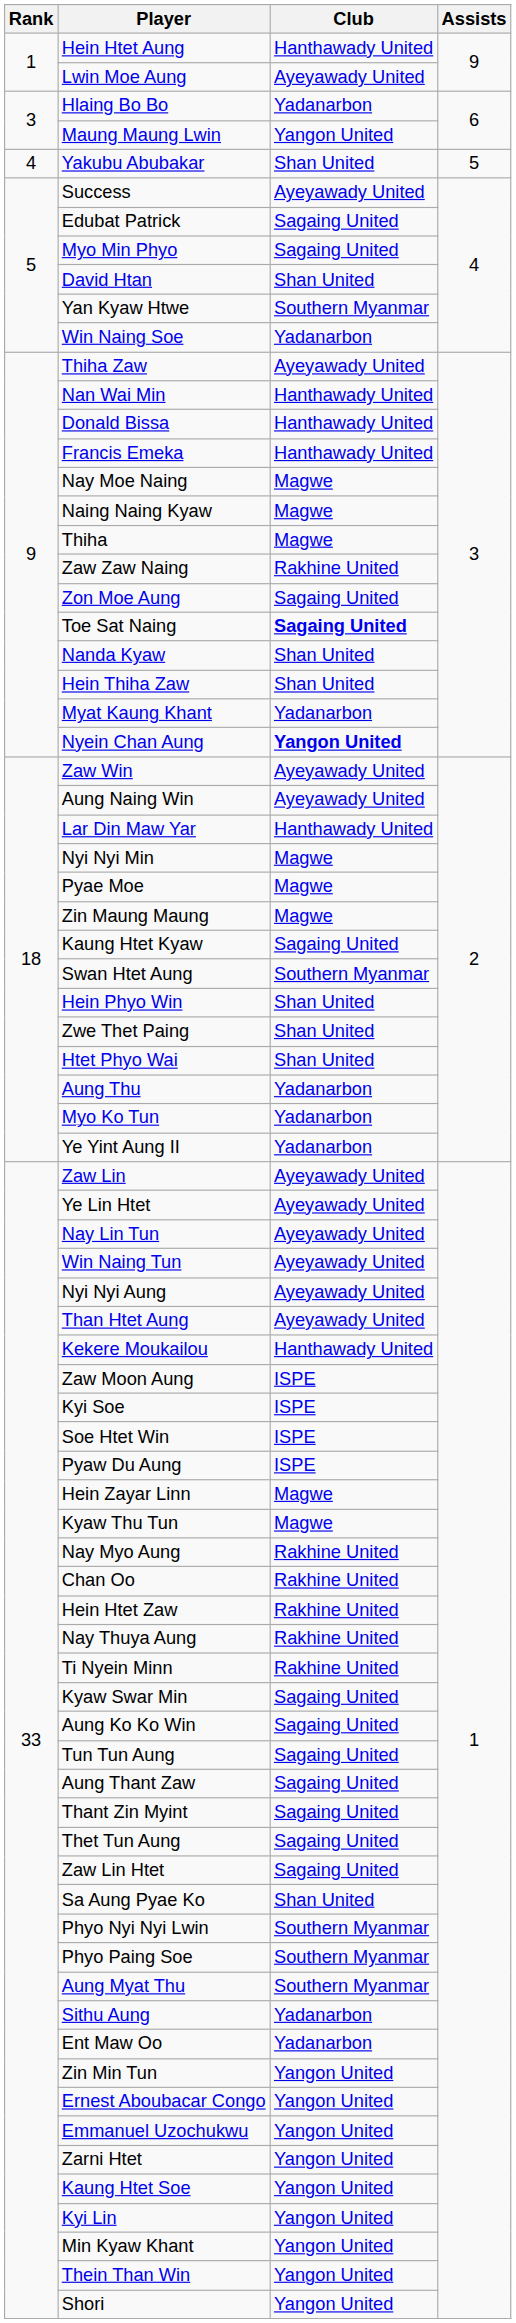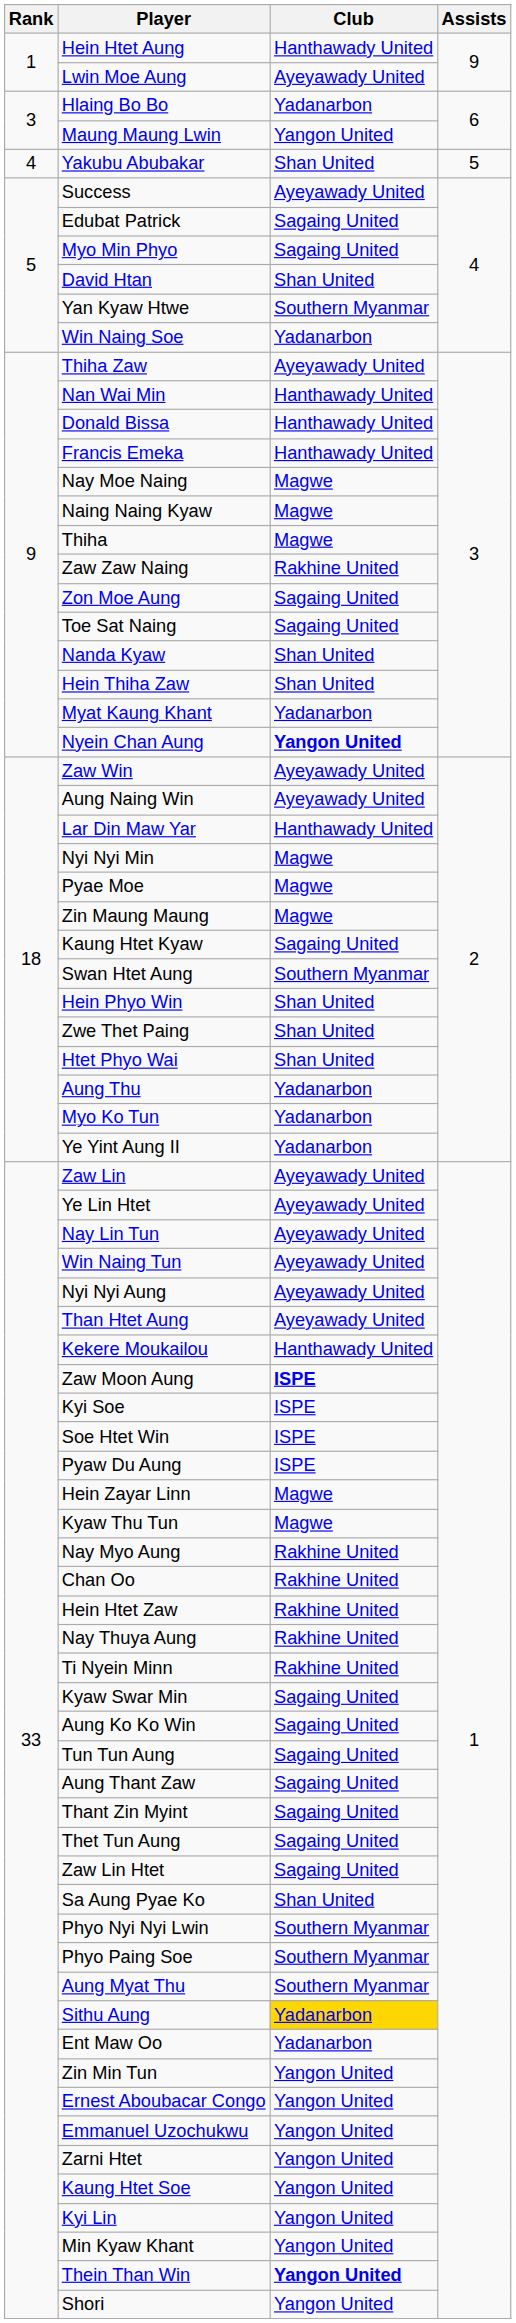 <table class="wikitable" style="text-align:center">
 <tr>
 <th>Rank</th>
 <th>Player</th>
 <th>Club</th>
 <th>Assists</th>
 </tr>
 <tr>
 <td rowspan="2">1</td>
 <td align="left"> <a href='#'>Hein Htet Aung</a></td>
 <td align="left"><a href='#'>Hanthawady United</a></td>
 <td rowspan="2">9</td>
 </tr>
 <tr>
 <td align="left"> <a href='#'>Lwin Moe Aung</a></td>
 <td align="left"><a href='#'>Ayeyawady United</a></td>
 </tr>
 <tr>
 <td rowspan="2">3</td>
 <td align="left"> <a href='#'>Hlaing Bo Bo</a></td>
 <td align="left"><a href='#'>Yadanarbon</a></td>
 <td rowspan="2">6</td>
 </tr>
 <tr>
 <td align="left"> <a href='#'>Maung Maung Lwin</a></td>
 <td align="left"><a href='#'>Yangon United</a></td>
 </tr>
 <tr>
 <td>4</td>
 <td align="left"> <a href='#'>Yakubu Abubakar</a></td>
 <td align="left"><a href='#'>Shan United</a></td>
 <td>5</td>
 </tr>
 <tr>
 <td rowspan="6">5</td>
 <td align="left"> Success</td>
 <td align="left"><a href='#'>Ayeyawady United</a></td>
 <td rowspan="6">4</td>
 </tr>
 <tr>
 <td align="left"> Edubat Patrick</td>
 <td align="left"><a href='#'>Sagaing United</a></td>
 </tr>
 <tr>
 <td align="left"> <a href='#'>Myo Min Phyo</a></td>
 <td align="left"><a href='#'>Sagaing United</a></td>
 </tr>
 <tr>
 <td align="left"> <a href='#'>David Htan</a></td>
 <td align="left"><a href='#'>Shan United</a></td>
 </tr>
 <tr>
 <td align="left"> Yan Kyaw Htwe</td>
 <td align="left"><a href='#'>Southern Myanmar</a></td>
 </tr>
 <tr>
 <td align="left"> <a href='#'>Win Naing Soe</a></td>
 <td align="left"><a href='#'>Yadanarbon</a></td>
 </tr>
 <tr>
 <td rowspan="14">9</td>
 <td align="left"> <a href='#'>Thiha Zaw</a></td>
 <td align="left"><a href='#'>Ayeyawady United</a></td>
 <td rowspan="14">3</td>
 </tr>
 <tr>
 <td align="left"> <a href='#'>Nan Wai Min</a></td>
 <td align="left"><a href='#'>Hanthawady United</a></td>
 </tr>
 <tr>
 <td align="left"> <a href='#'>Donald Bissa</a></td>
 <td align="left"><a href='#'>Hanthawady United</a></td>
 </tr>
 <tr>
 <td align="left"> <a href='#'>Francis Emeka</a></td>
 <td align="left"><a href='#'>Hanthawady United</a></td>
 </tr>
 <tr>
 <td align="left"> Nay Moe Naing</td>
 <td align="left"><a href='#'>Magwe</a></td>
 </tr>
 <tr>
 <td align="left">Naing Naing Kyaw</td>
 <td align="left"><a href='#'>Magwe</a></td>
 </tr>
 <tr>
 <td align="left"> Thiha</td>
 <td align="left"><a href='#'>Magwe</a></td>
 </tr>
 <tr>
 <td align="left"> Zaw Zaw Naing</td>
 <td align="left"><a href='#'>Rakhine United</a></td>
 </tr>
 <tr>
 <td align="left"> <a href='#'>Zon Moe Aung</a></td>
 <td align="left"><a href='#'>Sagaing United</a></td>
 </tr>
 <tr>
 <td align="left"> Toe Sat Naing</td>
-<td align="left"><strong><a href='#'>Sagaing United</a></strong></td>
+<td align="left"><a href='#'>Sagaing United</a></td>
 </tr>
 <tr>
 <td align="left"> <a href='#'>Nanda Kyaw</a></td>
 <td align="left"><a href='#'>Shan United</a></td>
 </tr>
 <tr>
 <td align="left"> <a href='#'>Hein Thiha Zaw</a></td>
 <td align="left"><a href='#'>Shan United</a></td>
 </tr>
 <tr>
 <td align="left"> <a href='#'>Myat Kaung Khant</a></td>
 <td align="left"><a href='#'>Yadanarbon</a></td>
 </tr>
 <tr>
 <td align="left"> <a href='#'>Nyein Chan Aung</a></td>
 <td align="left"><strong><a href='#'>Yangon United</a></strong></td>
 </tr>
 <tr>
 <td rowspan="14">18</td>
 <td align="left"> <a href='#'>Zaw Win</a></td>
 <td align="left"><a href='#'>Ayeyawady United</a></td>
 <td rowspan="14">2</td>
 </tr>
 <tr>
 <td align="left"> Aung Naing Win</td>
 <td align="left"><a href='#'>Ayeyawady United</a></td>
 </tr>
 <tr>
 <td align="left"> <a href='#'>Lar Din Maw Yar</a></td>
 <td align="left"><a href='#'>Hanthawady United</a></td>
 </tr>
 <tr>
 <td align="left">Nyi Nyi Min</td>
 <td align="left"><a href='#'>Magwe</a></td>
 </tr>
 <tr>
 <td align="left">Pyae Moe</td>
 <td align="left"><a href='#'>Magwe</a></td>
 </tr>
 <tr>
 <td align="left"> Zin Maung Maung</td>
 <td align="left"><a href='#'>Magwe</a></td>
 </tr>
 <tr>
 <td align="left"> Kaung Htet Kyaw</td>
 <td align="left"><a href='#'>Sagaing United</a></td>
 </tr>
 <tr>
 <td align="left"> Swan Htet Aung</td>
 <td align="left"><a href='#'>Southern Myanmar</a></td>
 </tr>
 <tr>
 <td align="left"> <a href='#'>Hein Phyo Win</a></td>
 <td align="left"><a href='#'>Shan United</a></td>
 </tr>
 <tr>
 <td align="left"> Zwe Thet Paing</td>
 <td align="left"><a href='#'>Shan United</a></td>
 </tr>
 <tr>
 <td align="left"> <a href='#'>Htet Phyo Wai</a></td>
 <td align="left"><a href='#'>Shan United</a></td>
 </tr>
 <tr>
 <td align="left"> <a href='#'>Aung Thu</a></td>
 <td align="left"><a href='#'>Yadanarbon</a></td>
 </tr>
 <tr>
 <td align="left"> <a href='#'>Myo Ko Tun</a></td>
 <td align="left"><a href='#'>Yadanarbon</a></td>
 </tr>
 <tr>
 <td align="left"> Ye Yint Aung II</td>
 <td align="left"><a href='#'>Yadanarbon</a></td>
 </tr>
 <tr>
 <td rowspan="40">33</td>
 <td align="left"> <a href='#'>Zaw Lin</a></td>
 <td align="left"><a href='#'>Ayeyawady United</a></td>
 <td rowspan="40">1</td>
 </tr>
 <tr>
 <td align="left"> Ye Lin Htet</td>
 <td align="left"><a href='#'>Ayeyawady United</a></td>
 </tr>
 <tr>
 <td align="left"> <a href='#'>Nay Lin Tun</a></td>
 <td align="left"><a href='#'>Ayeyawady United</a></td>
 </tr>
 <tr>
 <td align="left"> <a href='#'>Win Naing Tun</a></td>
 <td align="left"><a href='#'>Ayeyawady United</a></td>
 </tr>
 <tr>
 <td align="left"> Nyi Nyi Aung</td>
 <td align="left"><a href='#'>Ayeyawady United</a></td>
 </tr>
 <tr>
 <td align="left"> <a href='#'>Than Htet Aung</a></td>
 <td align="left"><a href='#'>Ayeyawady United</a></td>
 </tr>
 <tr>
 <td align="left"> <a href='#'>Kekere Moukailou</a></td>
 <td align="left"><a href='#'>Hanthawady United</a></td>
 </tr>
 <tr>
 <td align="left"> Zaw Moon Aung</td>
-<td align="left"><a href='#'>ISPE</a></td>
+<td align="left"><strong><a href='#'>ISPE</a></strong></td>
 </tr>
 <tr>
 <td align="left"> Kyi Soe</td>
 <td align="left"><a href='#'>ISPE</a></td>
 </tr>
 <tr>
 <td align="left"> Soe Htet Win</td>
 <td align="left"><a href='#'>ISPE</a></td>
 </tr>
 <tr>
 <td align="left"> Pyaw Du Aung</td>
 <td align="left"><a href='#'>ISPE</a></td>
 </tr>
 <tr>
 <td align="left">Hein Zayar Linn</td>
 <td align="left"><a href='#'>Magwe</a></td>
 </tr>
 <tr>
 <td align="left">Kyaw Thu Tun</td>
 <td align="left"><a href='#'>Magwe</a></td>
 </tr>
 <tr>
 <td align="left"> Nay Myo Aung</td>
 <td align="left"><a href='#'>Rakhine United</a></td>
 </tr>
 <tr>
 <td align="left"> Chan Oo</td>
 <td align="left"><a href='#'>Rakhine United</a></td>
 </tr>
 <tr>
 <td align="left"> Hein Htet Zaw</td>
 <td align="left"><a href='#'>Rakhine United</a></td>
 </tr>
 <tr>
 <td align="left"> Nay Thuya Aung</td>
 <td align="left"><a href='#'>Rakhine United</a></td>
 </tr>
 <tr>
 <td align="left"> Ti Nyein Minn</td>
 <td align="left"><a href='#'>Rakhine United</a></td>
 </tr>
 <tr>
 <td align="left"> Kyaw Swar Min</td>
 <td align="left"><a href='#'>Sagaing United</a></td>
 </tr>
 <tr>
 <td align="left"> Aung Ko Ko Win</td>
 <td align="left"><a href='#'>Sagaing United</a></td>
 </tr>
 <tr>
 <td align="left"> Tun Tun Aung</td>
 <td align="left"><a href='#'>Sagaing United</a></td>
 </tr>
 <tr>
 <td align="left"> Aung Thant Zaw</td>
 <td align="left"><a href='#'>Sagaing United</a></td>
 </tr>
 <tr>
 <td align="left"> Thant Zin Myint</td>
 <td align="left"><a href='#'>Sagaing United</a></td>
 </tr>
 <tr>
 <td align="left"> Thet Tun Aung</td>
 <td align="left"><a href='#'>Sagaing United</a></td>
 </tr>
 <tr>
 <td align="left"> Zaw Lin Htet</td>
 <td align="left"><a href='#'>Sagaing United</a></td>
 </tr>
 <tr>
 <td align="left"> Sa Aung Pyae Ko</td>
 <td align="left"><a href='#'>Shan United</a></td>
 </tr>
 <tr>
 <td align="left"> Phyo Nyi Nyi Lwin</td>
 <td align="left"><a href='#'>Southern Myanmar</a></td>
 </tr>
 <tr>
 <td align="left"> Phyo Paing Soe</td>
 <td align="left"><a href='#'>Southern Myanmar</a></td>
 </tr>
 <tr>
 <td align="left"> <a href='#'>Aung Myat Thu</a></td>
 <td align="left"><a href='#'>Southern Myanmar</a></td>
 </tr>
 <tr>
 <td align="left"> <a href='#'>Sithu Aung</a></td>
-<td align="left"><a href='#'>Yadanarbon</a></td>
+<td align="left" style="background: gold;"><a href='#'>Yadanarbon</a></td>
 </tr>
 <tr>
 <td align="left"> Ent Maw Oo</td>
 <td align="left"><a href='#'>Yadanarbon</a></td>
 </tr>
 <tr>
 <td align="left"> Zin Min Tun</td>
 <td align="left"><a href='#'>Yangon United</a></td>
 </tr>
 <tr>
 <td align="left"> <a href='#'>Ernest Aboubacar Congo</a></td>
 <td align="left"><a href='#'>Yangon United</a></td>
 </tr>
 <tr>
 <td align="left"> <a href='#'>Emmanuel Uzochukwu</a></td>
 <td align="left"><a href='#'>Yangon United</a></td>
 </tr>
 <tr>
 <td align="left"> Zarni Htet</td>
 <td align="left"><a href='#'>Yangon United</a></td>
 </tr>
 <tr>
 <td align="left"> <a href='#'>Kaung Htet Soe</a></td>
 <td align="left"><a href='#'>Yangon United</a></td>
 </tr>
 <tr>
 <td align="left"> <a href='#'>Kyi Lin</a></td>
 <td align="left"><a href='#'>Yangon United</a></td>
 </tr>
 <tr>
 <td align="left"> Min Kyaw Khant</td>
 <td align="left"><a href='#'>Yangon United</a></td>
 </tr>
 <tr>
 <td align="left"> <a href='#'>Thein Than Win</a></td>
-<td align="left"><a href='#'>Yangon United</a></td>
+<td align="left"><strong><a href='#'>Yangon United</a></strong></td>
 </tr>
 <tr>
 <td align="left"> Shori</td>
 <td align="left"><a href='#'>Yangon United</a></td>
 </tr>
 <tr>
 </tr>
 </table>
